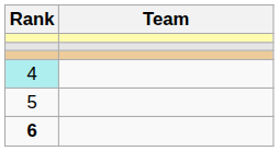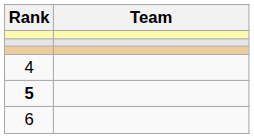 <table class="wikitable" style="text-align:center;">
 <tr>
 <th width=40>Rank</th>
 <th width=180>Team</th>
 </tr>
 <tr style="background:#fffcaf;">
 <td></td>
 <td style="text-align:left;"></td>
 </tr>
 <tr style="background:#e5e5e5;">
 <td></td>
 <td style="text-align:left;"></td>
 </tr>
 <tr style="background:#ec9;">
 <td></td>
 <td style="text-align:left;"></td>
 </tr>
 <tr>
-<td style="background: paleturquoise;">4</td>
+<td>4</td>
 <td style="text-align:left;"></td>
 </tr>
 <tr>
-<td>5</td>
+<td><strong>5</strong></td>
 <td style="text-align:left;"></td>
 </tr>
 <tr>
-<td><strong>6</strong></td>
+<td>6</td>
 <td style="text-align:left;"></td>
 </tr>
 </table>
